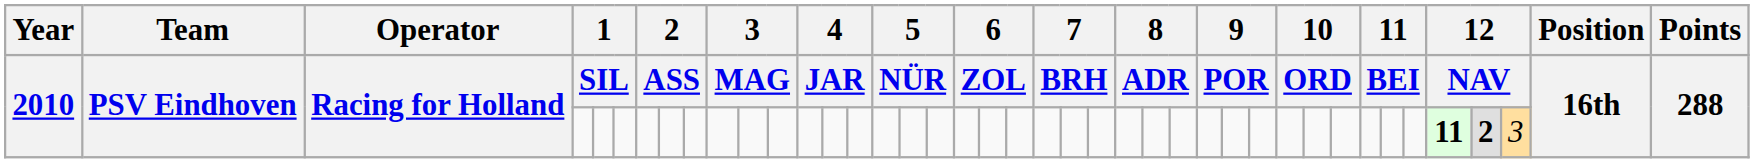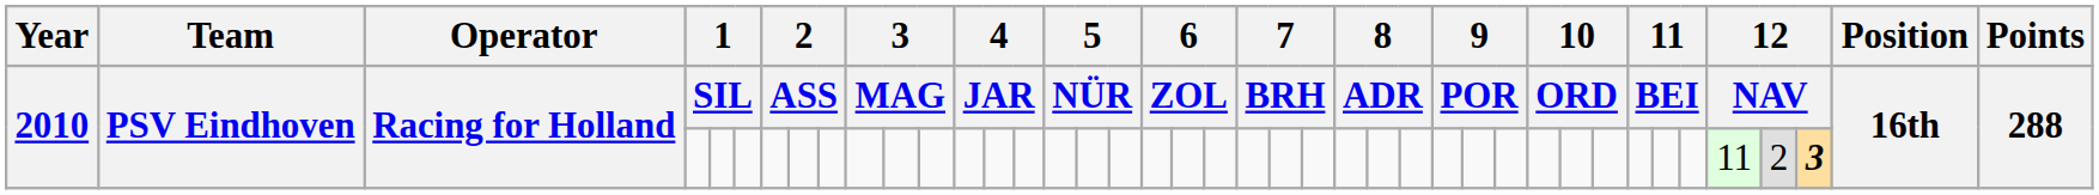 <table class="wikitable" style="text-align:center; font-size:85%">
 <tr>
 <th>Year</th>
 <th>Team</th>
 <th>Operator</th>
 <th colspan=3>1</th>
 <th colspan=3>2</th>
 <th colspan=3>3</th>
 <th colspan=3>4</th>
 <th colspan=3>5</th>
 <th colspan=3>6</th>
 <th colspan=3>7</th>
 <th colspan=3>8</th>
 <th colspan=3>9</th>
 <th colspan=3>10</th>
 <th colspan=3>11</th>
 <th colspan=3>12</th>
 <th>Position</th>
 <th>Points</th>
 </tr>
 <tr>
 <th rowspan=2><a href='#'>2010</a></th>
 <th rowspan=2 nowrap><a href='#'>PSV Eindhoven</a></th>
 <th rowspan=2 nowrap><a href='#'>Racing for Holland</a></th>
 <th colspan=3><a href='#'>SIL</a><br></th>
 <th colspan=3><a href='#'>ASS</a><br></th>
 <th colspan=3><a href='#'>MAG</a><br></th>
 <th colspan=3><a href='#'>JAR</a><br></th>
 <th colspan=3><a href='#'>NÜR</a><br></th>
 <th colspan=3><a href='#'>ZOL</a><br></th>
 <th colspan=3><a href='#'>BRH</a><br></th>
 <th colspan=3><a href='#'>ADR</a><br></th>
 <th colspan=3><a href='#'>POR</a><br></th>
 <th colspan=3><a href='#'>ORD</a><br></th>
 <th colspan=3><a href='#'>BEI</a><br></th>
 <th colspan=3><a href='#'>NAV</a><br></th>
 <th rowspan=2>16th</th>
 <th rowspan=2>288</th>
 </tr>
 <tr>
 <td></td>
 <td></td>
 <td></td>
 <td></td>
 <td></td>
 <td></td>
 <td></td>
 <td></td>
 <td></td>
 <td></td>
 <td></td>
 <td></td>
 <td></td>
 <td></td>
 <td></td>
 <td></td>
 <td></td>
 <td></td>
 <td></td>
 <td></td>
 <td></td>
 <td></td>
 <td></td>
 <td></td>
 <td></td>
 <td></td>
 <td></td>
 <td></td>
 <td></td>
 <td></td>
 <td></td>
 <td></td>
 <td></td>
-<td style="background:#dfffdf;"><strong>11</strong></td>
-<td style="background:#dfdfdf;"><strong>2</strong></td>
-<td style="background:#ffdf9f;"><em>3</em></td>
+<td style="background:#dfffdf;">11</td>
+<td style="background:#dfdfdf;">2</td>
+<td style="background:#ffdf9f;"><strong><em>3</em></strong></td>
 </tr>
 </table>
